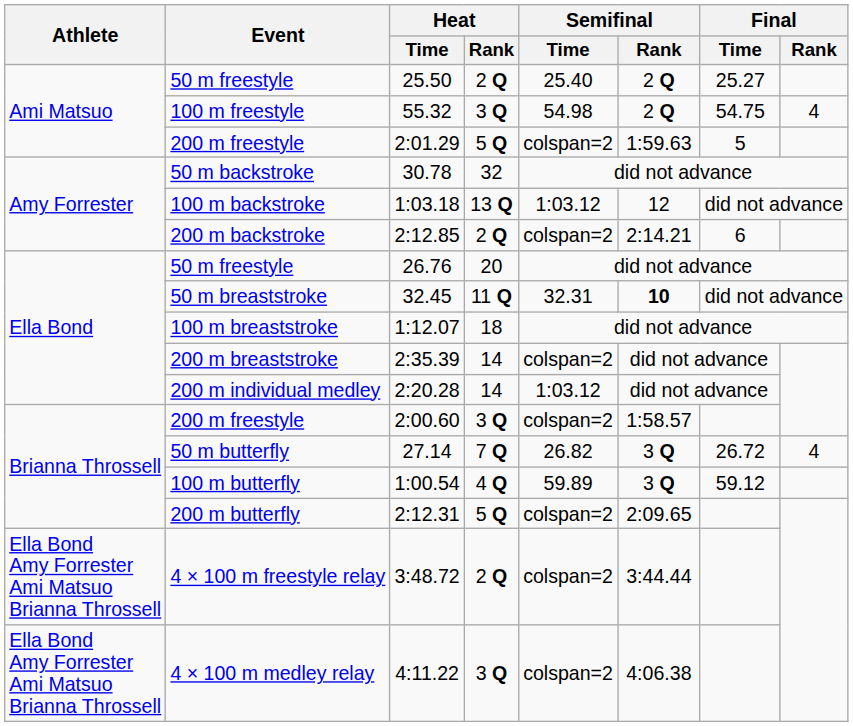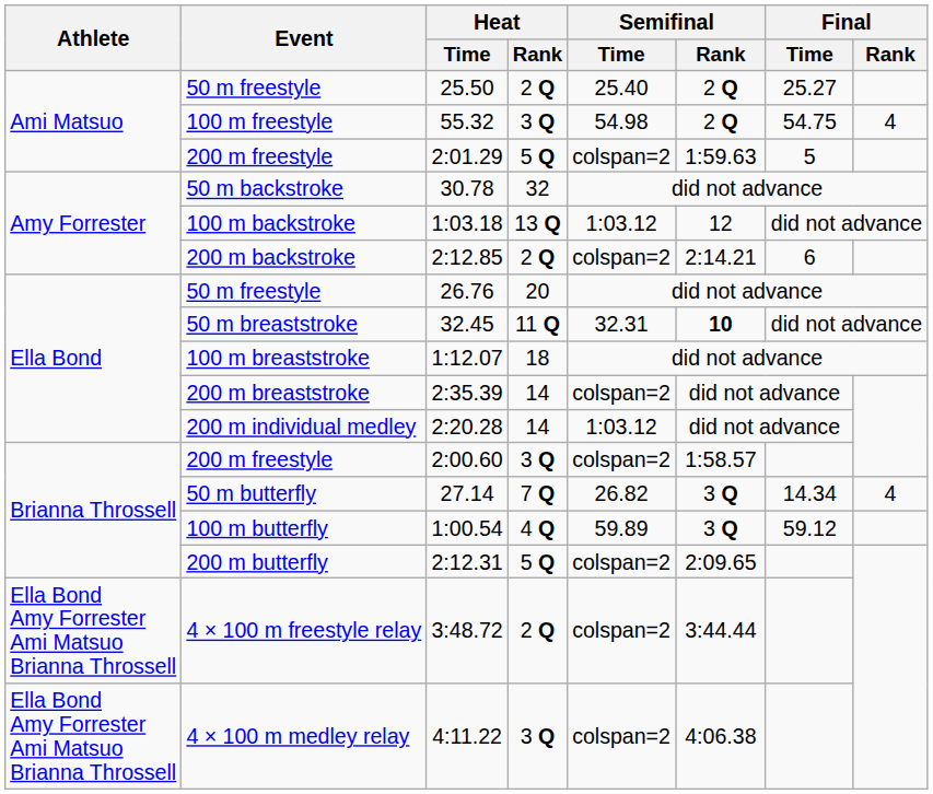 <table class=wikitable style=font-size:90%>
 <tr>
 <th rowspan=2>Athlete</th>
 <th rowspan=2>Event</th>
 <th colspan=2>Heat</th>
 <th colspan=2>Semifinal</th>
 <th colspan=2>Final</th>
 </tr>
 <tr style=font-size:95%>
 <th>Time</th>
 <th>Rank</th>
 <th>Time</th>
 <th>Rank</th>
 <th>Time</th>
 <th>Rank</th>
 </tr>
 <tr align=center>
 <td align=left rowspan=3><a href='#'>Ami Matsuo</a></td>
 <td align=left><a href='#'>50 m freestyle</a></td>
 <td>25.50</td>
 <td>2 <strong>Q</strong></td>
 <td>25.40</td>
 <td>2 <strong>Q</strong></td>
 <td>25.27</td>
 <td></td>
 </tr>
 <tr align=center>
 <td align=left><a href='#'>100 m freestyle</a></td>
 <td>55.32</td>
 <td>3 <strong>Q</strong></td>
 <td>54.98</td>
 <td>2 <strong>Q</strong></td>
 <td>54.75</td>
 <td>4</td>
 </tr>
 <tr align=center>
 <td align=left><a href='#'>200 m freestyle</a></td>
 <td>2:01.29</td>
 <td>5 <strong>Q</strong></td>
 <td>colspan=2 </td>
 <td>1:59.63</td>
 <td>5</td>
 </tr>
 <tr align=center>
 <td align=left rowspan=3><a href='#'>Amy Forrester</a></td>
 <td align=left><a href='#'>50 m backstroke</a></td>
 <td>30.78</td>
 <td>32</td>
 <td colspan=4>did not advance</td>
 </tr>
 <tr align=center>
 <td align=left><a href='#'>100 m backstroke</a></td>
 <td>1:03.18</td>
 <td>13 <strong>Q</strong></td>
 <td>1:03.12</td>
 <td>12</td>
 <td colspan=2>did not advance</td>
 </tr>
 <tr align=center>
 <td align=left><a href='#'>200 m backstroke</a></td>
 <td>2:12.85</td>
 <td>2 <strong>Q</strong></td>
 <td>colspan=2 </td>
 <td>2:14.21</td>
 <td>6</td>
 </tr>
 <tr align=center>
 <td align=left rowspan=5><a href='#'>Ella Bond</a></td>
 <td align=left><a href='#'>50 m freestyle</a></td>
 <td>26.76</td>
 <td>20</td>
 <td colspan=4>did not advance</td>
 </tr>
 <tr align=center>
 <td align=left><a href='#'>50 m breaststroke</a></td>
 <td>32.45</td>
 <td>11 <strong>Q</strong></td>
 <td>32.31</td>
 <td><strong>10</strong></td>
 <td colspan=2>did not advance</td>
 </tr>
 <tr align=center>
 <td align=left><a href='#'>100 m breaststroke</a></td>
 <td>1:12.07</td>
 <td>18</td>
 <td colspan=4>did not advance</td>
 </tr>
 <tr align=center>
 <td align=left><a href='#'>200 m breaststroke</a></td>
 <td>2:35.39</td>
 <td>14</td>
 <td>colspan=2 </td>
 <td colspan=2>did not advance</td>
 </tr>
 <tr align=center>
 <td align=left><a href='#'>200 m individual medley</a></td>
 <td>2:20.28</td>
 <td>14</td>
 <td>1:03.12</td>
 <td colspan=2>did not advance</td>
 </tr>
 <tr align=center>
 <td align=left rowspan=4><a href='#'>Brianna Throssell</a></td>
 <td align=left><a href='#'>200 m freestyle</a></td>
 <td>2:00.60</td>
 <td>3 <strong>Q</strong></td>
 <td>colspan=2 </td>
 <td>1:58.57</td>
 <td></td>
 </tr>
 <tr align=center>
 <td align=left><a href='#'>50 m butterfly</a></td>
 <td>27.14</td>
 <td>7 <strong>Q</strong></td>
 <td>26.82</td>
 <td>3 <strong>Q</strong></td>
-<td>26.72</td>
+<td>14.34</td>
 <td>4</td>
 </tr>
 <tr align=center>
 <td align=left><a href='#'>100 m butterfly</a></td>
 <td>1:00.54</td>
 <td>4 <strong>Q</strong></td>
 <td>59.89</td>
 <td>3 <strong>Q</strong></td>
 <td>59.12</td>
 <td></td>
 </tr>
 <tr align=center>
 <td align=left><a href='#'>200 m butterfly</a></td>
 <td>2:12.31</td>
 <td>5 <strong>Q</strong></td>
 <td>colspan=2 </td>
 <td>2:09.65</td>
 <td></td>
 </tr>
 <tr align=center>
 <td align=left><a href='#'>Ella Bond</a><br><a href='#'>Amy Forrester</a><br><a href='#'>Ami Matsuo</a><br><a href='#'>Brianna Throssell</a></td>
 <td align=left><a href='#'>4 × 100 m freestyle relay</a></td>
 <td>3:48.72</td>
 <td>2 <strong>Q</strong></td>
 <td>colspan=2 </td>
 <td>3:44.44</td>
 <td></td>
 </tr>
 <tr align=center>
 <td align=left><a href='#'>Ella Bond</a><br><a href='#'>Amy Forrester</a><br><a href='#'>Ami Matsuo</a><br><a href='#'>Brianna Throssell</a></td>
 <td align=left><a href='#'>4 × 100 m medley relay</a></td>
 <td>4:11.22</td>
 <td>3 <strong>Q</strong></td>
 <td>colspan=2 </td>
 <td>4:06.38</td>
 <td></td>
 </tr>
 </table>
